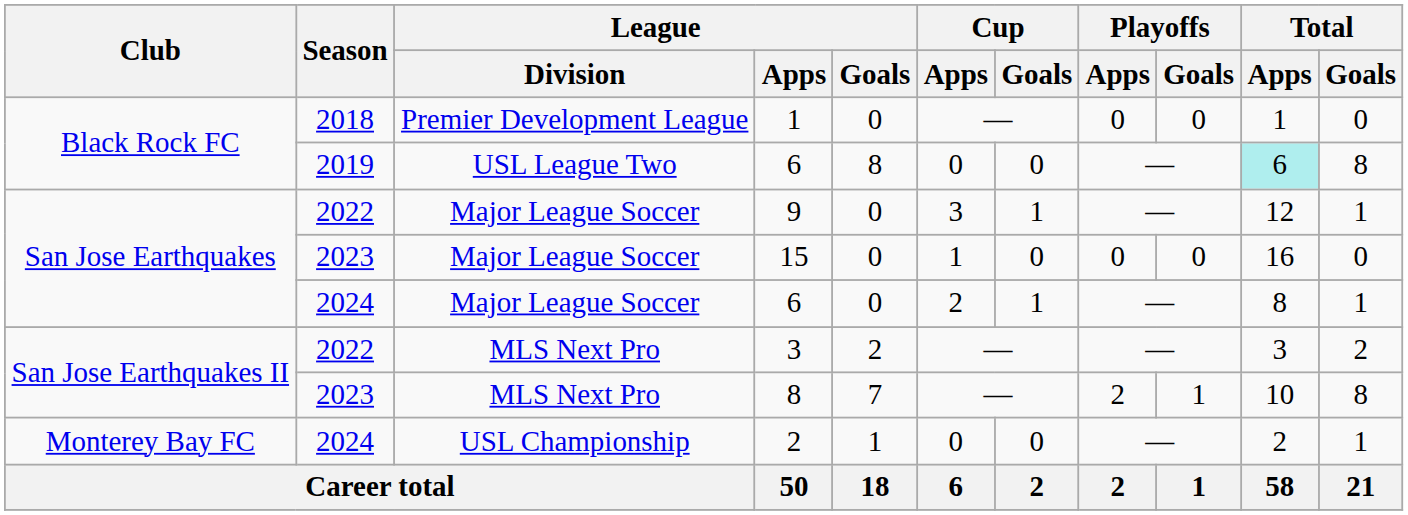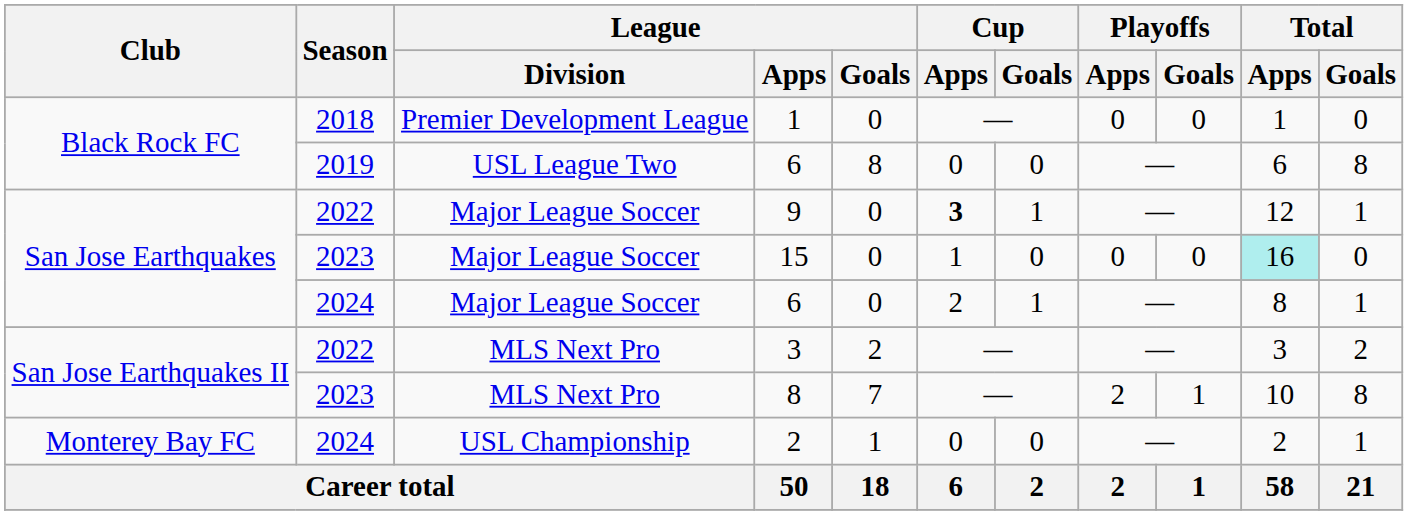 <table class="wikitable" style="text-align: center;">
 <tr>
 <th rowspan="2">Club</th>
 <th rowspan="2">Season</th>
 <th colspan="3">League</th>
 <th colspan="2">Cup</th>
 <th colspan="2">Playoffs</th>
 <th colspan="2">Total</th>
 </tr>
 <tr>
 <th>Division</th>
 <th>Apps</th>
 <th>Goals</th>
 <th>Apps</th>
 <th>Goals</th>
 <th>Apps</th>
 <th>Goals</th>
 <th>Apps</th>
 <th>Goals</th>
 </tr>
 <tr>
 <td rowspan="2"><a href='#'>Black Rock FC</a></td>
 <td><a href='#'>2018</a></td>
 <td><a href='#'>Premier Development League</a></td>
 <td>1</td>
 <td>0</td>
 <td colspan="2">—</td>
 <td>0</td>
 <td>0</td>
 <td>1</td>
 <td>0</td>
 </tr>
 <tr>
 <td><a href='#'>2019</a></td>
 <td><a href='#'>USL League Two</a></td>
 <td>6</td>
 <td>8</td>
 <td>0</td>
 <td>0</td>
 <td colspan="2">—</td>
-<td style="background: paleturquoise;">6</td>
+<td>6</td>
 <td>8</td>
 </tr>
 <tr>
 <td rowspan="3"><a href='#'>San Jose Earthquakes</a></td>
 <td><a href='#'>2022</a></td>
 <td><a href='#'>Major League Soccer</a></td>
 <td>9</td>
 <td>0</td>
-<td>3</td>
+<td><strong>3</strong></td>
 <td>1</td>
 <td colspan="2">—</td>
 <td>12</td>
 <td>1</td>
 </tr>
 <tr>
 <td><a href='#'>2023</a></td>
 <td><a href='#'>Major League Soccer</a></td>
 <td>15</td>
 <td>0</td>
 <td>1</td>
 <td>0</td>
 <td>0</td>
 <td>0</td>
-<td>16</td>
+<td style="background: paleturquoise;">16</td>
 <td>0</td>
 </tr>
 <tr>
 <td><a href='#'>2024</a></td>
 <td><a href='#'>Major League Soccer</a></td>
 <td>6</td>
 <td>0</td>
 <td>2</td>
 <td>1</td>
 <td colspan="2">—</td>
 <td>8</td>
 <td>1</td>
 </tr>
 <tr>
 <td rowspan="2"><a href='#'>San Jose Earthquakes II</a></td>
 <td><a href='#'>2022</a></td>
 <td><a href='#'>MLS Next Pro</a></td>
 <td>3</td>
 <td>2</td>
 <td colspan="2">—</td>
 <td colspan="2">—</td>
 <td>3</td>
 <td>2</td>
 </tr>
 <tr>
 <td><a href='#'>2023</a></td>
 <td><a href='#'>MLS Next Pro</a></td>
 <td>8</td>
 <td>7</td>
 <td colspan="2">—</td>
 <td>2</td>
 <td>1</td>
 <td>10</td>
 <td>8</td>
 </tr>
 <tr>
 <td><a href='#'>Monterey Bay FC</a></td>
 <td><a href='#'>2024</a></td>
 <td><a href='#'>USL Championship</a></td>
 <td>2</td>
 <td>1</td>
 <td>0</td>
 <td>0</td>
 <td colspan="2">—</td>
 <td>2</td>
 <td>1</td>
 </tr>
 <tr>
 <th colspan="3">Career total</th>
 <th>50</th>
 <th>18</th>
 <th>6</th>
 <th>2</th>
 <th>2</th>
 <th>1</th>
 <th>58</th>
 <th>21</th>
 </tr>
 </table>
